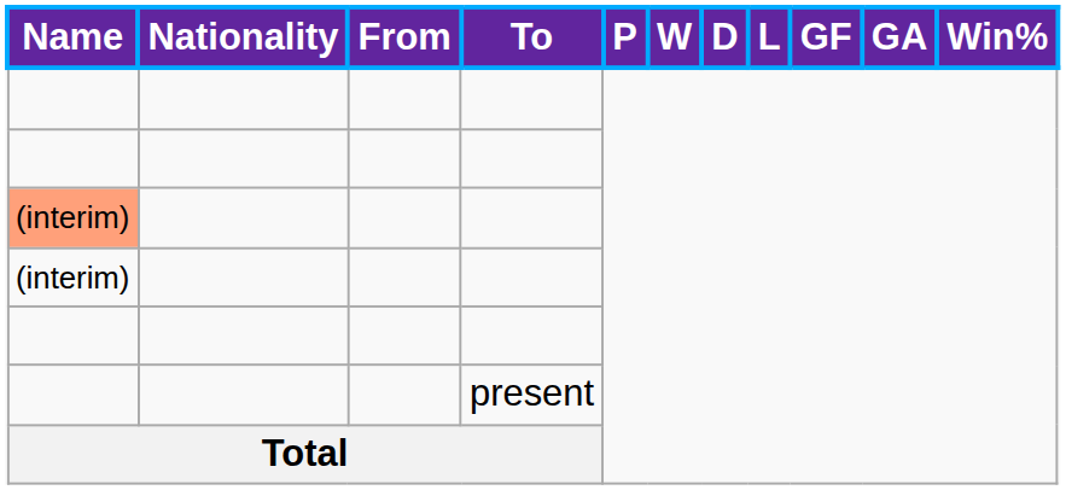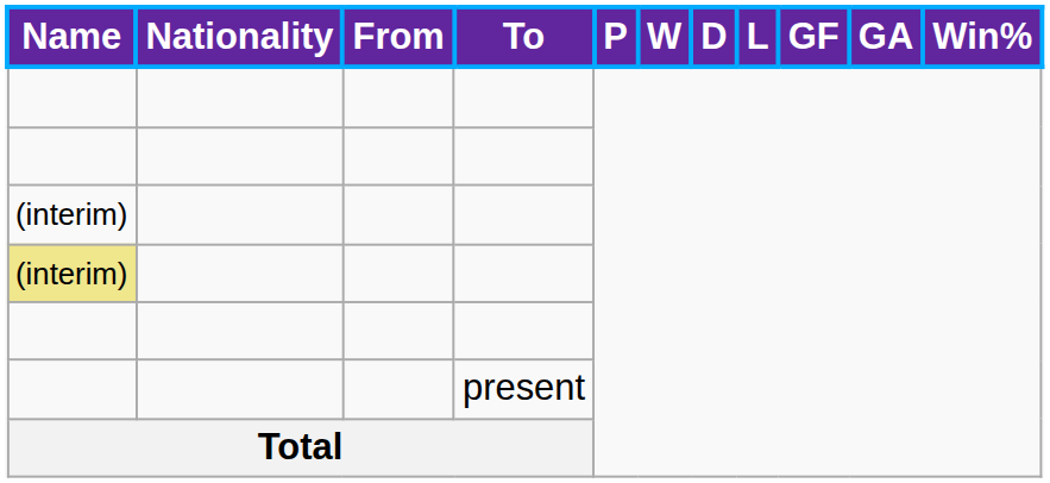 <table class="wikitable plainrowheaders sortable">
 <tr>
 <th style="background:#61259E; color:#FFFFFF; border:2px solid #00ABFF;" scope="col" class="unsortable">Name</th>
 <th style="background:#61259E; color:#FFFFFF; border:2px solid #00ABFF;" scope="col" class="unsortable">Nationality</th>
 <th style="background:#61259E; color:#FFFFFF; border:2px solid #00ABFF;" scope="col" class="unsortable">From</th>
 <th style="background:#61259E; color:#FFFFFF; border:2px solid #00ABFF;" scope="col" class="unsortable">To</th>
 <th style="background:#61259E; color:#FFFFFF; border:2px solid #00ABFF;" scope="col">P</th>
 <th style="background:#61259E; color:#FFFFFF; border:2px solid #00ABFF;" scope="col">W</th>
 <th style="background:#61259E; color:#FFFFFF; border:2px solid #00ABFF;" scope="col">D</th>
 <th style="background:#61259E; color:#FFFFFF; border:2px solid #00ABFF;" scope="col">L</th>
 <th style="background:#61259E; color:#FFFFFF; border:2px solid #00ABFF;" scope="col">GF</th>
 <th style="background:#61259E; color:#FFFFFF; border:2px solid #00ABFF;" scope="col">GA</th>
 <th style="background:#61259E; color:#FFFFFF; border:2px solid #00ABFF;" scope="col">Win%</th>
 </tr>
 <tr>
 <td></td>
 <td></td>
 <td style="text-align:center;"></td>
 <td style="text-align:center;"><br></td>
 </tr>
 <tr>
 <td></td>
 <td></td>
 <td style="text-align:center;"></td>
 <td style="text-align:center;"><br></td>
 </tr>
 <tr>
-<td style="background: lightsalmon;"> <small>(interim)</small></td>
+<td> <small>(interim)</small></td>
 <td></td>
 <td style="text-align:center;"></td>
 <td style="text-align:center;"><br></td>
 </tr>
 <tr>
-<td> <small>(interim)</small></td>
+<td style="background: khaki;"> <small>(interim)</small></td>
 <td></td>
 <td style="text-align:center;"></td>
 <td style="text-align:center;"><br></td>
 </tr>
 <tr>
 <td></td>
 <td></td>
 <td style="text-align:center;"></td>
 <td style="text-align:center;"><br></td>
 </tr>
 <tr>
 <td></td>
 <td></td>
 <td style="text-align:center;"></td>
 <td style="text-align:center;">present<br></td>
 </tr>
 <tr>
 <th colspan="4">Total<br></th>
 </tr>
 </table>
